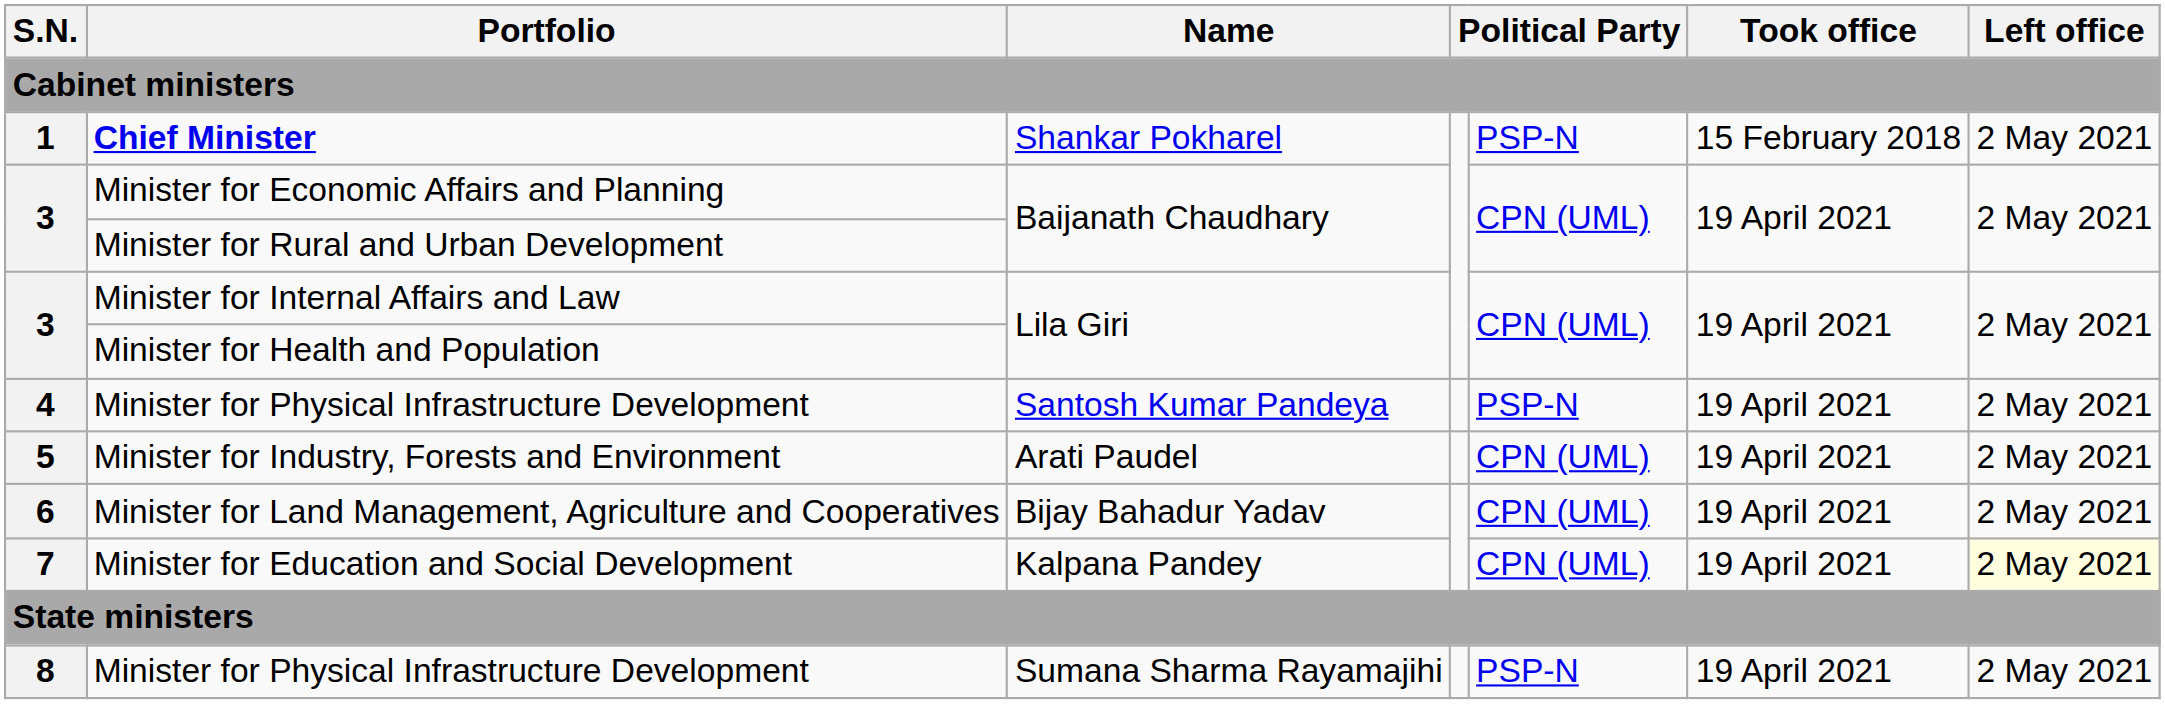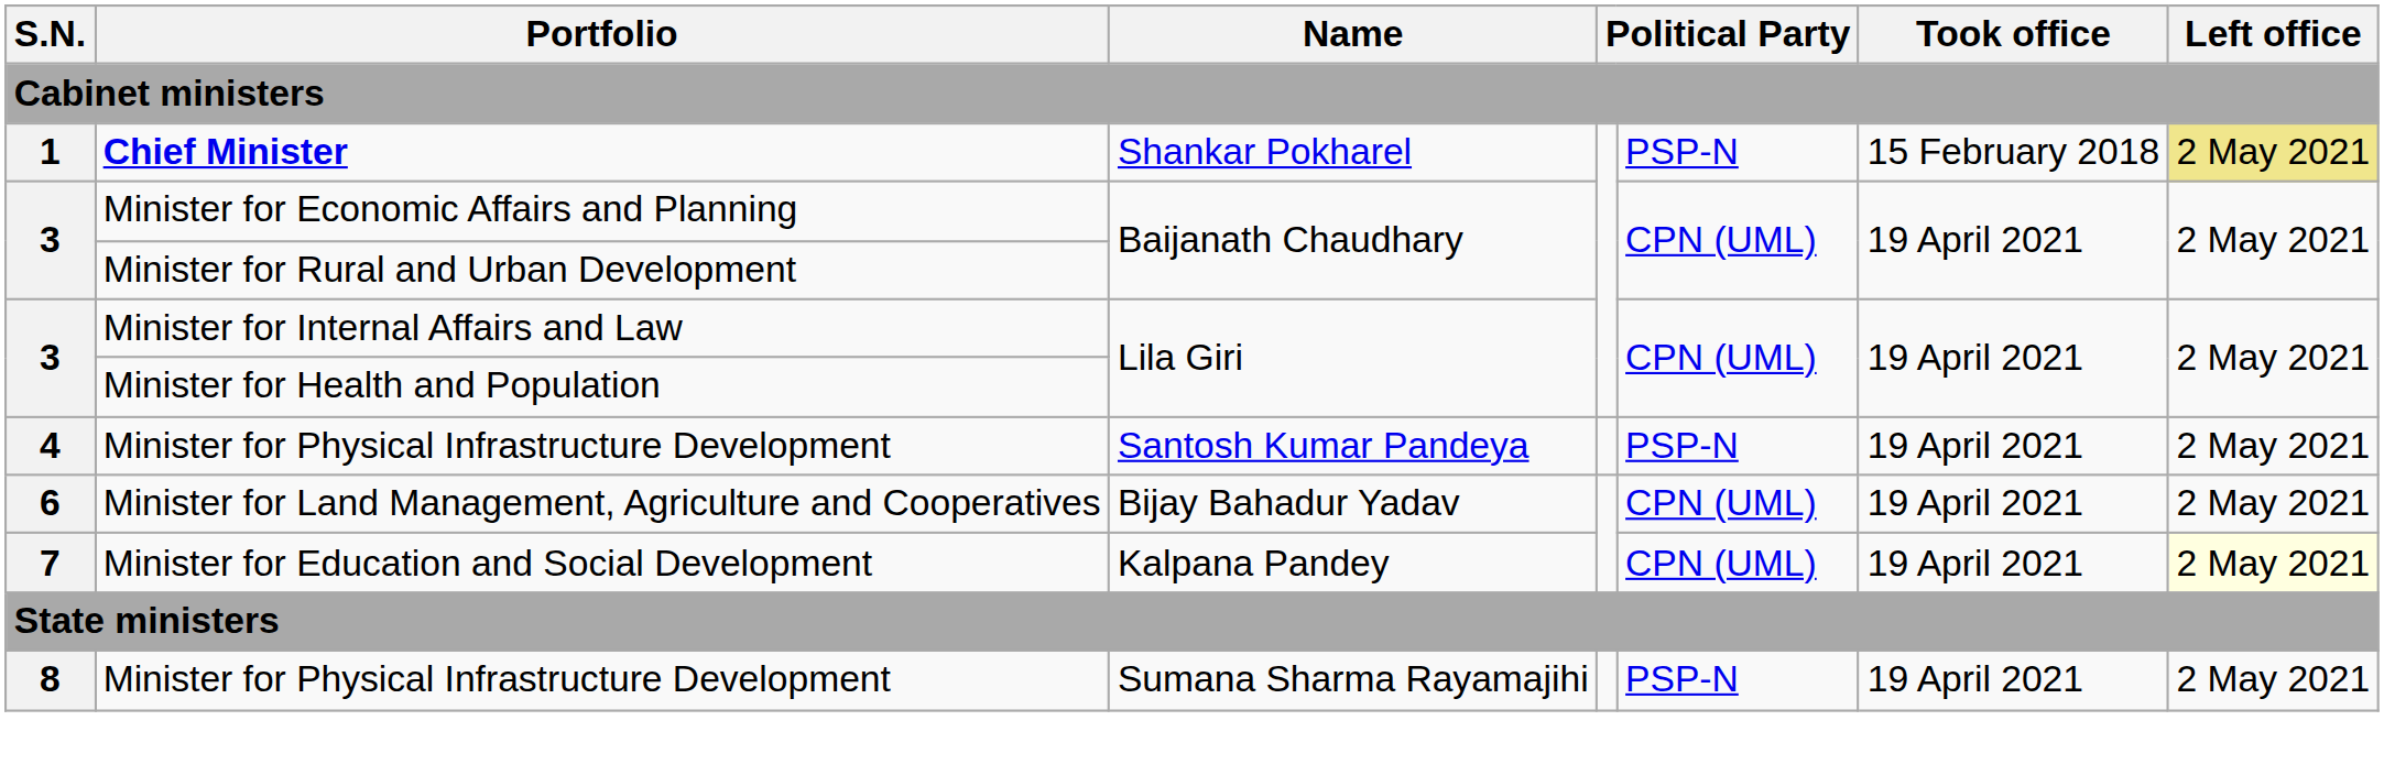 <table class="wikitable">
 <tr>
 <th>S.N.</th>
 <th>Portfolio</th>
 <th>Name<br></th>
 <th colspan="2">Political Party</th>
 <th>Took office</th>
 <th>Left office</th>
 </tr>
 <tr>
 <td colspan="7" bgcolor="darkgrey"><strong>Cabinet ministers</strong></td>
 </tr>
 <tr>
 <th>1</th>
 <td><strong><a href='#'>Chief Minister</a><br></strong></td>
 <td><a href='#'>Shankar Pokharel</a><br></td>
 <td rowspan="5"></td>
 <td><a href='#'>PSP-N</a></td>
 <td>15 February 2018</td>
-<td>2 May 2021</td>
+<td style="background: khaki;">2 May 2021</td>
 </tr>
 <tr>
 <th rowspan="2">3</th>
 <td>Minister for Economic Affairs and Planning</td>
 <td rowspan="2">Baijanath Chaudhary<br></td>
 <td rowspan="2"><a href='#'>CPN (UML)</a></td>
 <td rowspan="2">19 April 2021</td>
 <td rowspan="2">2 May 2021</td>
 </tr>
 <tr>
 <td>Minister for Rural and Urban Development</td>
 </tr>
 <tr>
 <th rowspan="2">3</th>
 <td>Minister for Internal Affairs and Law</td>
 <td rowspan="2">Lila Giri<br></td>
 <td rowspan="2"><a href='#'>CPN (UML)</a></td>
 <td rowspan="2">19 April 2021</td>
 <td rowspan="2">2 May 2021</td>
 </tr>
 <tr>
 <td>Minister for Health and Population</td>
 </tr>
 <tr>
 <th>4</th>
 <td>Minister for Physical Infrastructure Development</td>
 <td><a href='#'>Santosh Kumar Pandeya</a><br></td>
 <td></td>
 <td><a href='#'>PSP-N</a></td>
 <td>19 April 2021</td>
 <td>2 May 2021</td>
 </tr>
 <tr>
-<th>5</th>
-<td>Minister for Industry, Forests and Environment</td>
-<td>Arati Paudel<br></td>
-<td></td>
-<td><a href='#'>CPN (UML)</a></td>
-<td>19 April 2021</td>
-<td>2 May 2021</td>
-</tr>
-<tr>
 <th>6</th>
 <td>Minister for Land Management, Agriculture and Cooperatives</td>
 <td>Bijay Bahadur Yadav<br></td>
 <td rowspan="2"></td>
 <td><a href='#'>CPN (UML)</a></td>
 <td>19 April 2021</td>
 <td>2 May 2021</td>
 </tr>
 <tr>
 <th>7</th>
 <td>Minister for Education and Social Development</td>
 <td>Kalpana Pandey<br></td>
 <td><a href='#'>CPN (UML)</a></td>
 <td>19 April 2021</td>
 <td style="background: lightyellow;">2 May 2021</td>
 </tr>
 <tr>
 <td colspan="7" bgcolor="darkgrey"><strong>State ministers</strong></td>
 </tr>
 <tr>
 <th>8</th>
 <td>Minister for Physical Infrastructure Development</td>
 <td>Sumana Sharma Rayamajihi<br></td>
 <td></td>
 <td><a href='#'>PSP-N</a></td>
 <td>19 April 2021</td>
 <td>2 May 2021</td>
 </tr>
 </table>
